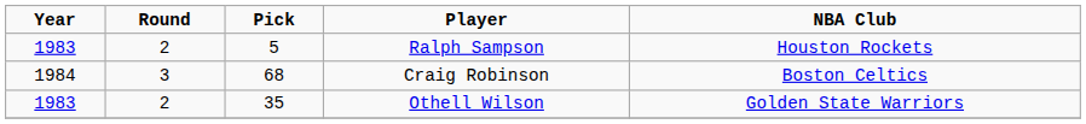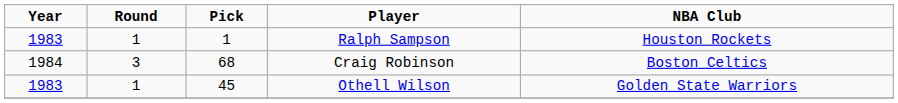 <table class="wikitable" width="64%">
 <tr align="center">
 <td><strong>Year</strong></td>
 <td><strong>Round</strong></td>
 <td><strong>Pick</strong></td>
 <td><strong>Player</strong></td>
 <td><strong>NBA Club</strong></td>
 </tr>
 <tr align="center" bgcolor="">
 <td><a href='#'>1983</a></td>
-<td>2</td>
-<td>5</td>
+<td>1</td>
+<td>1</td>
 <td><a href='#'>Ralph Sampson</a></td>
 <td><a href='#'>Houston Rockets</a></td>
 </tr>
 <tr align="center" bgcolor="">
 <td>1984</td>
 <td>3</td>
 <td>68</td>
 <td>Craig Robinson</td>
 <td><a href='#'>Boston Celtics</a></td>
 </tr>
 <tr align="center" bgcolor="">
 <td><a href='#'>1983</a></td>
-<td>2</td>
-<td>35</td>
+<td>1</td>
+<td>45</td>
 <td><a href='#'>Othell Wilson</a></td>
 <td><a href='#'>Golden State Warriors</a></td>
 </tr>
 <tr align="center" bgcolor="">
 </tr>
 </table>
